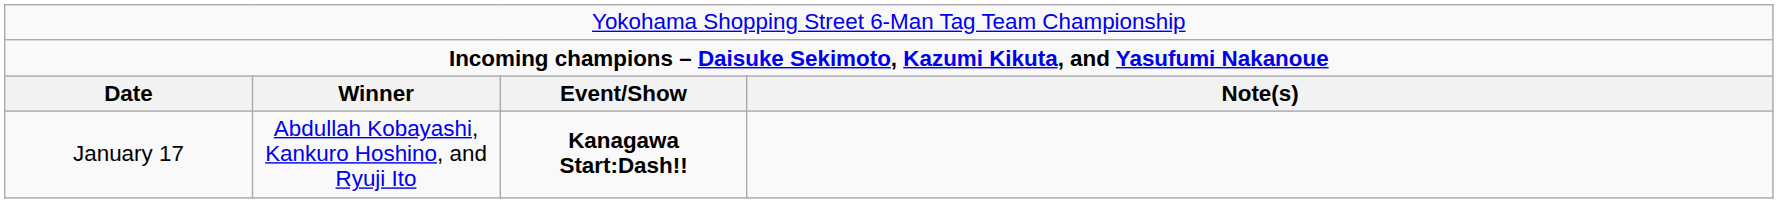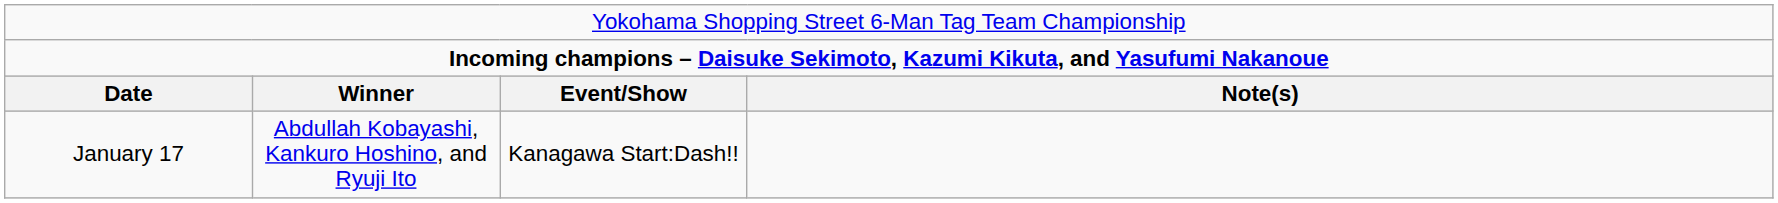 <table class="wikitable" style="text-align:center; width:100%;">
 <tr>
 <td colspan="4" style="text-align: center;"><a href='#'>Yokohama Shopping Street 6-Man Tag Team Championship</a></td>
 </tr>
 <tr>
 <td colspan="4" style="text-align: center;"><strong>Incoming champions – <a href='#'>Daisuke Sekimoto</a>, <a href='#'>Kazumi Kikuta</a>, and <a href='#'>Yasufumi Nakanoue</a></strong></td>
 </tr>
 <tr>
 <th width="14%">Date</th>
 <th width="14%">Winner</th>
 <th width="14%">Event/Show</th>
 <th width="58%">Note(s)</th>
 </tr>
 <tr>
 <td>January 17</td>
 <td><a href='#'>Abdullah Kobayashi</a>, <a href='#'>Kankuro Hoshino</a>, and <a href='#'>Ryuji Ito</a></td>
-<td><strong>Kanagawa Start:Dash!!</strong></td>
+<td>Kanagawa Start:Dash!!</td>
 <td></td>
 </tr>
 </table>
